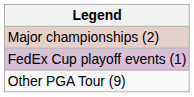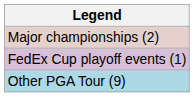 <table class="wikitable" style="font-size:95%;">
 <tr>
 <th>Legend</th>
 </tr>
 <tr style="background:#e5d1cb;">
 <td>Major championships (2)</td>
 </tr>
 <tr style="background:thistle;">
 <td>FedEx Cup playoff events (1)</td>
 </tr>
 <tr>
-<td>Other PGA Tour (9)</td>
+<td style="background: lightblue;">Other PGA Tour (9)</td>
 </tr>
 </table>
